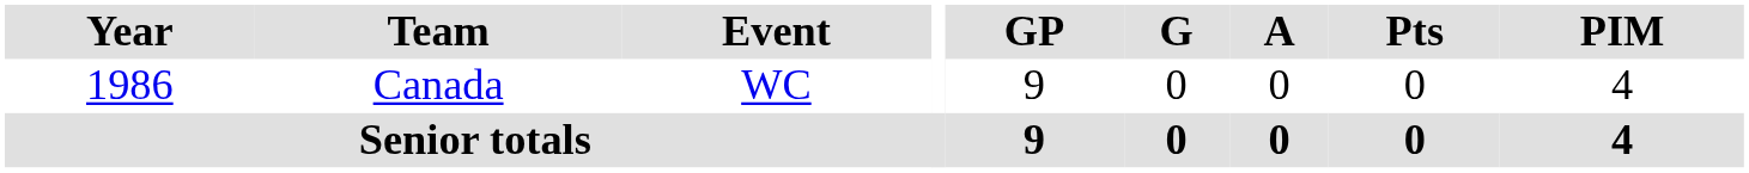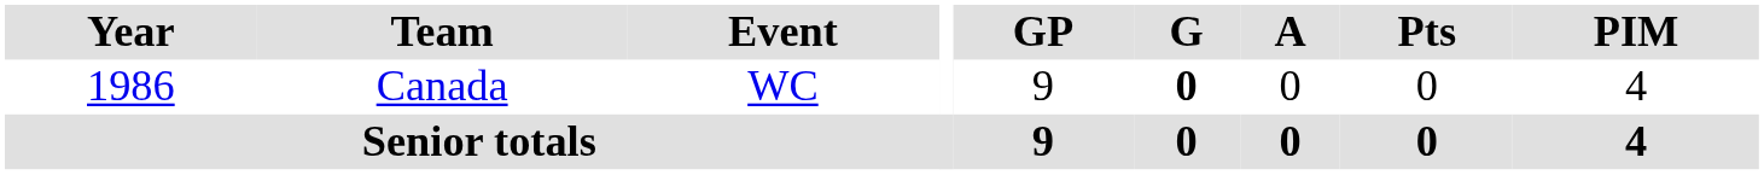 <table border="0" cellpadding="1" cellspacing="0" ID="Table3" style="text-align:center; width:40em">
 <tr bgcolor="#e0e0e0">
 <th>Year</th>
 <th>Team</th>
 <th>Event</th>
 <th rowspan="102" bgcolor="#ffffff"></th>
 <th>GP</th>
 <th>G</th>
 <th>A</th>
 <th>Pts</th>
 <th>PIM</th>
 </tr>
 <tr>
 <td><a href='#'>1986</a></td>
 <td><a href='#'>Canada</a></td>
 <td><a href='#'>WC</a></td>
 <td>9</td>
-<td>0</td>
+<td><strong>0</strong></td>
 <td>0</td>
 <td>0</td>
 <td>4</td>
 </tr>
 <tr bgcolor="#e0e0e0">
 <th colspan="4">Senior totals</th>
 <th>9</th>
 <th>0</th>
 <th>0</th>
 <th>0</th>
 <th>4</th>
 </tr>
 </table>
